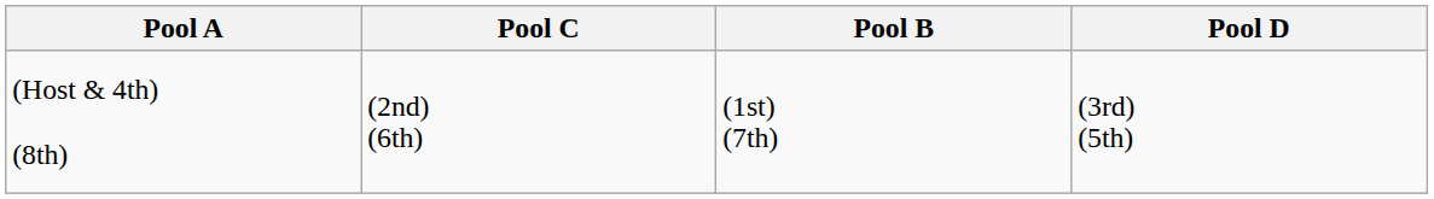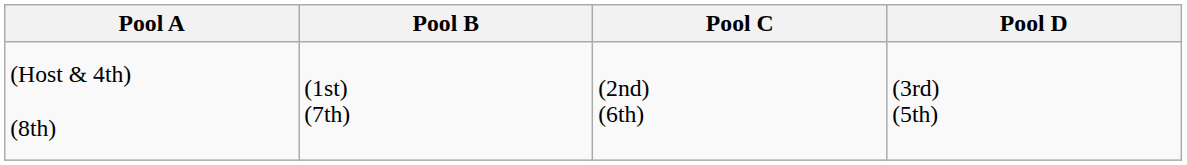 <table class="wikitable" width=90%>
 <tr>
 <th width=25%>Pool A</th>
+<th width=25%>Pool B</th>
 <th width=25%>Pool C</th>
-<th width=25%>Pool B</th>
 <th width=25%>Pool D</th>
 </tr>
 <tr>
 <td nowrap> (Host & 4th)<br><br> (8th)<br> </td>
+<td nowrap><br> (1st)<br>  (7th)<br> <br> </td>
 <td nowrap><br> (2nd)<br>  (6th)<br> <br> </td>
-<td nowrap><br> (1st)<br>  (7th)<br> <br> </td>
 <td nowrap><br> (3rd)<br>  (5th)<br> <br> </td>
 </tr>
 </table>
